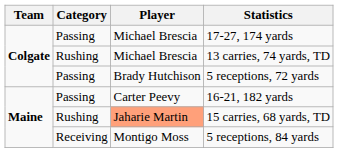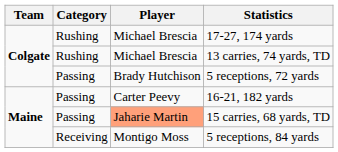 <table class="wikitable" style="float: right;">
 <tr>
 <th>Team</th>
 <th>Category</th>
 <th>Player</th>
 <th>Statistics</th>
 </tr>
 <tr>
 <td rowspan=3><strong>Colgate</strong></td>
-<td>Passing</td>
+<td>Rushing</td>
 <td>Michael Brescia</td>
 <td>17-27, 174 yards</td>
 </tr>
 <tr>
 <td>Rushing</td>
 <td>Michael Brescia</td>
 <td>13 carries, 74 yards, TD</td>
 </tr>
 <tr>
 <td>Passing</td>
 <td>Brady Hutchison</td>
 <td>5 receptions, 72 yards</td>
 </tr>
 <tr>
 <td rowspan=3><strong>Maine</strong></td>
 <td>Passing</td>
 <td>Carter Peevy</td>
 <td>16-21, 182 yards</td>
 </tr>
 <tr>
-<td>Rushing</td>
+<td>Passing</td>
 <td style="background: lightsalmon;">Jaharie Martin</td>
 <td>15 carries, 68 yards, TD</td>
 </tr>
 <tr>
 <td>Receiving</td>
 <td>Montigo Moss</td>
 <td>5 receptions, 84 yards</td>
 </tr>
 </table>
